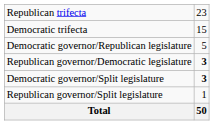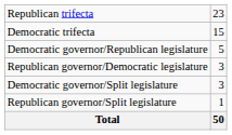 <table class=wikitable>
 <tr>
 <td>Republican <a href='#'>trifecta</a></td>
 <td>23</td>
 </tr>
 <tr>
 <td>Democratic trifecta</td>
 <td>15</td>
 </tr>
 <tr>
 <td>Democratic governor/Republican legislature</td>
 <td style="text-align:right;">5</td>
 </tr>
 <tr>
 <td>Republican governor/Democratic legislature</td>
-<td style="text-align:right;"><strong>3</strong></td>
+<td style="text-align:right;">3</td>
 </tr>
 <tr>
 <td>Democratic governor/Split legislature</td>
-<td style="text-align:right;"><strong>3</strong></td>
+<td style="text-align:right;">3</td>
 </tr>
 <tr>
 <td>Republican governor/Split legislature</td>
 <td style="text-align:right;">1</td>
 </tr>
 <tr>
 <th>Total</th>
 <th>50</th>
 </tr>
 </table>
